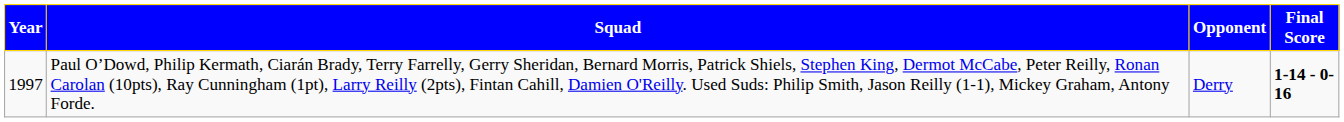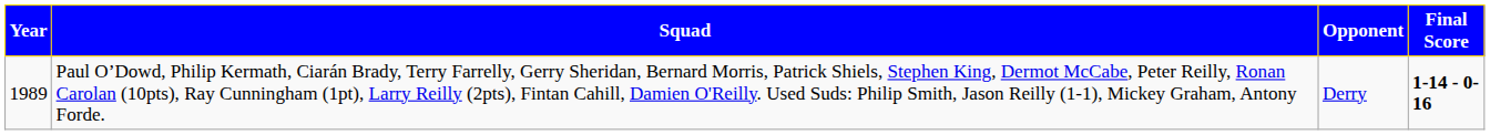 <table class="wikitable">
 <tr>
 <th style="background:blue; color:white; border:1px solid gold">Year</th>
 <th style="background:blue; color:white; border:1px solid gold">Squad</th>
 <th style="background:blue; color:white; border:1px solid gold">Opponent</th>
 <th style="background:blue; color:white; border:1px solid gold">Final Score</th>
 </tr>
 <tr>
-<td>1997</td>
+<td>1989</td>
 <td>Paul O’Dowd, Philip Kermath, Ciarán Brady, Terry Farrelly, Gerry Sheridan, Bernard Morris, Patrick Shiels, <a href='#'>Stephen King</a>, <a href='#'>Dermot McCabe</a>, Peter Reilly, <a href='#'>Ronan Carolan</a> (10pts), Ray Cunningham (1pt), <a href='#'>Larry Reilly</a> (2pts), Fintan Cahill, <a href='#'>Damien O'Reilly</a>. Used Suds: Philip Smith, Jason Reilly (1-1), Mickey Graham, Antony Forde.</td>
 <td><a href='#'>Derry</a></td>
 <td><strong>1-14 - 0-16</strong></td>
 </tr>
 </table>
